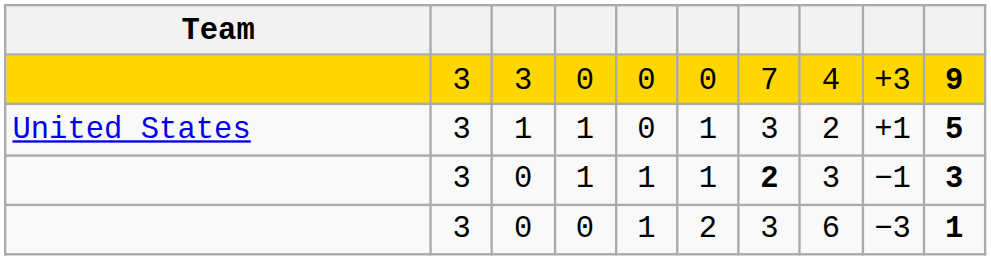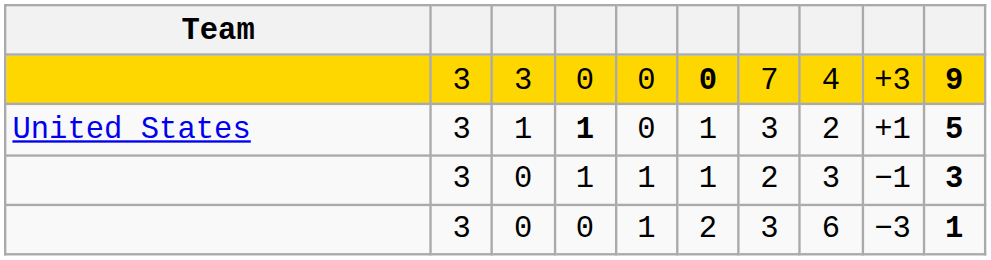 <table class="wikitable" style="text-align: center;">
 <tr>
 <th width="175">Team</th>
 <th width="20"></th>
 <th width="20"></th>
 <th width="20"></th>
 <th width="20"></th>
 <th width="20"></th>
 <th width="20"></th>
 <th width="20"></th>
 <th width="20"></th>
 <th width="20"></th>
 </tr>
 <tr bgcolor="gold">
 <td align=left></td>
 <td>3</td>
 <td>3</td>
 <td>0</td>
 <td>0</td>
-<td>0</td>
+<td><strong>0</strong></td>
 <td>7</td>
 <td>4</td>
 <td>+3</td>
 <td><strong>9</strong></td>
 </tr>
 <tr bgcolor="">
 <td align=left> <a href='#'>United States</a></td>
 <td>3</td>
 <td>1</td>
-<td>1</td>
+<td><strong>1</strong></td>
 <td>0</td>
 <td>1</td>
 <td>3</td>
 <td>2</td>
 <td>+1</td>
 <td><strong>5</strong></td>
 </tr>
 <tr bgcolor="">
 <td align=left></td>
 <td>3</td>
 <td>0</td>
 <td>1</td>
 <td>1</td>
 <td>1</td>
-<td><strong>2</strong></td>
+<td>2</td>
 <td>3</td>
 <td>−1</td>
 <td><strong>3</strong></td>
 </tr>
 <tr bgcolor="">
 <td align=left></td>
 <td>3</td>
 <td>0</td>
 <td>0</td>
 <td>1</td>
 <td>2</td>
 <td>3</td>
 <td>6</td>
 <td>−3</td>
 <td><strong>1</strong></td>
 </tr>
 </table>
